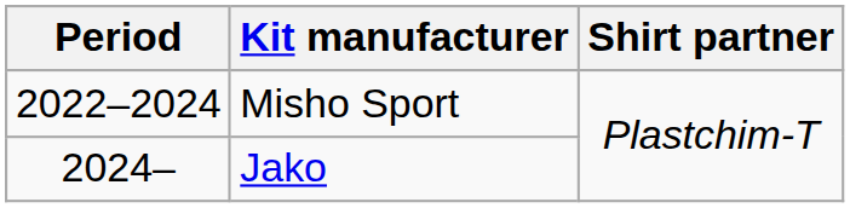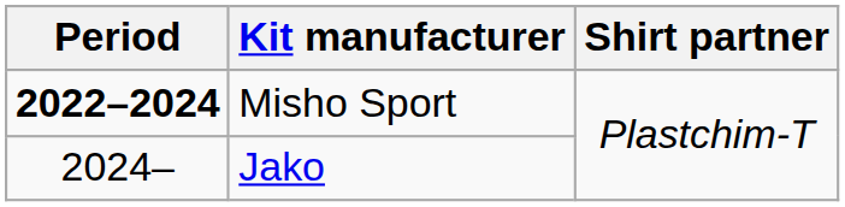 <table class="wikitable" style="text-align: center">
 <tr>
 <th>Period</th>
 <th><a href='#'>Kit</a> manufacturer</th>
 <th>Shirt partner</th>
 </tr>
 <tr>
-<td>2022–2024</td>
+<td><strong>2022–2024</strong></td>
 <td style="text-align:Left;"> Misho Sport</td>
 <td align="center" rowspan=2><em>Plastchim-T</em></td>
 </tr>
 <tr>
 <td>2024–</td>
 <td style="text-align:Left;"> <a href='#'>Jako</a></td>
 </tr>
 </table>
